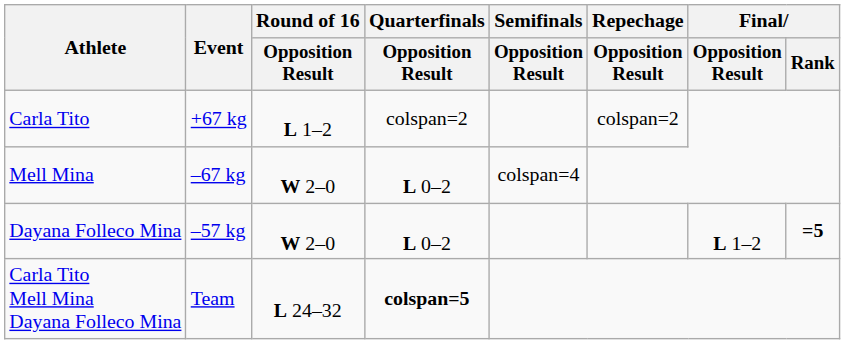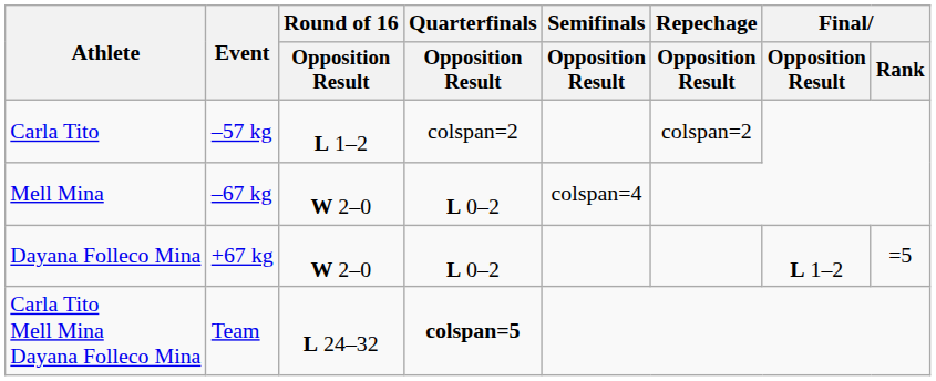 <table class=wikitable style=font-size:90%;text-align:center>
 <tr>
 <th rowspan=2>Athlete</th>
 <th rowspan=2>Event</th>
 <th>Round of 16</th>
 <th>Quarterfinals</th>
 <th>Semifinals</th>
 <th>Repechage</th>
 <th colspan=2>Final/ </th>
 </tr>
 <tr style=font-size:95%>
 <th>Opposition<br>Result</th>
 <th>Opposition<br>Result</th>
 <th>Opposition<br>Result</th>
 <th>Opposition<br>Result</th>
 <th>Opposition<br>Result</th>
 <th>Rank</th>
 </tr>
 <tr align=center>
 <td align=left><a href='#'>Carla Tito</a></td>
-<td align=left><a href='#'>+67 kg</a></td>
+<td align=left><a href='#'>–57 kg</a></td>
 <td><br><strong>L</strong> 1–2</td>
 <td>colspan=2 </td>
 <td></td>
 <td>colspan=2 </td>
 </tr>
 <tr align=center>
 <td align=left><a href='#'>Mell Mina</a></td>
 <td align=left><a href='#'>–67 kg</a></td>
 <td><br><strong>W</strong> 2–0</td>
 <td><br><strong>L</strong> 0–2</td>
 <td>colspan=4 </td>
 </tr>
 <tr align=center>
 <td align=left><a href='#'>Dayana Folleco Mina</a></td>
-<td align=left><a href='#'>–57 kg</a></td>
+<td align=left><a href='#'>+67 kg</a></td>
 <td><br><strong>W</strong> 2–0</td>
 <td><br><strong>L</strong> 0–2</td>
 <td></td>
 <td></td>
 <td><br><strong>L</strong> 1–2</td>
-<td><strong>=5</strong></td>
+<td>=5</td>
 </tr>
 <tr align=center>
 <td align=left><a href='#'>Carla Tito</a><br><a href='#'>Mell Mina</a><br><a href='#'>Dayana Folleco Mina</a></td>
 <td align=left><a href='#'>Team</a></td>
 <td><br><strong>L</strong> 24–32</td>
 <td><strong>colspan=5 </strong></td>
 </tr>
 </table>
